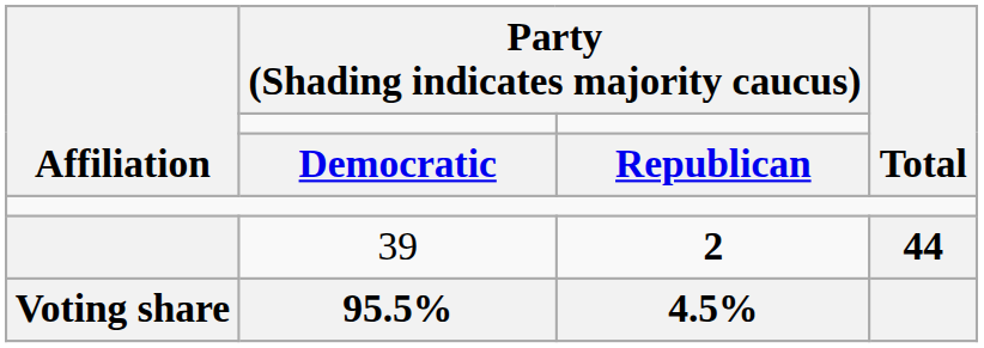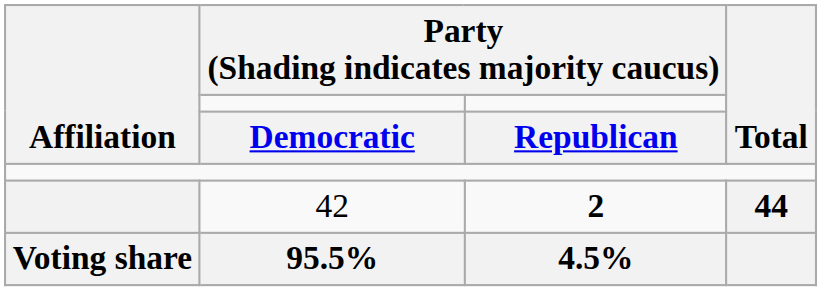 <table class=wikitable style="text-align:center">
 <tr style="vertical-align:bottom;">
 <th rowspan=3>Affiliation</th>
 <th colspan=2>Party <div>(Shading indicates majority caucus)</div></th>
 <th rowspan=3>Total</th>
 </tr>
 <tr style="height:5px">
 <td style="background-color:"></td>
 <td style="background-color:"></td>
 </tr>
 <tr>
 <th><a href='#'>Democratic</a></th>
 <th><a href='#'>Republican</a></th>
 </tr>
 <tr>
 <td colspan=5></td>
 </tr>
 <tr>
 <th nowrap style="font-size:80%"></th>
-<td>39</td>
+<td>42</td>
 <td><strong>2</strong></td>
 <th>44</th>
 </tr>
 <tr>
 <th>Voting share</th>
 <th>95.5%</th>
 <th>4.5% </th>
 <th colspan=2></th>
 </tr>
 </table>
